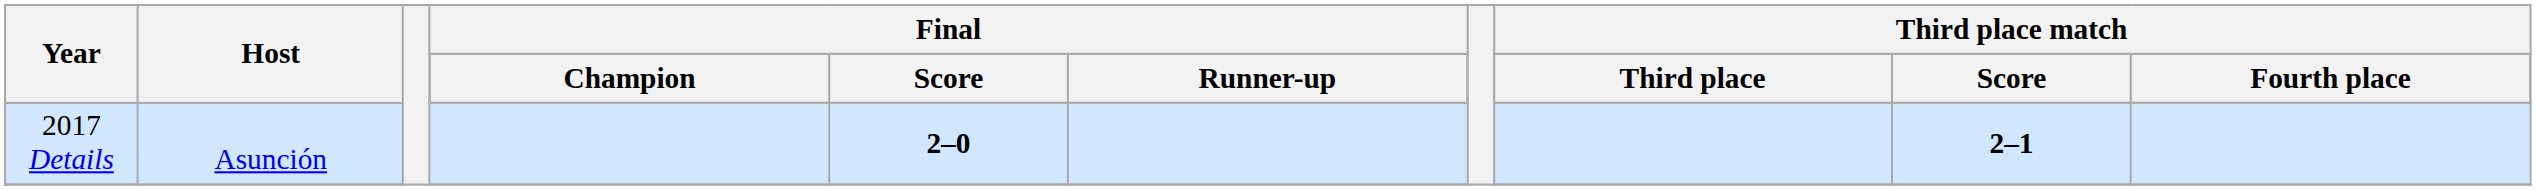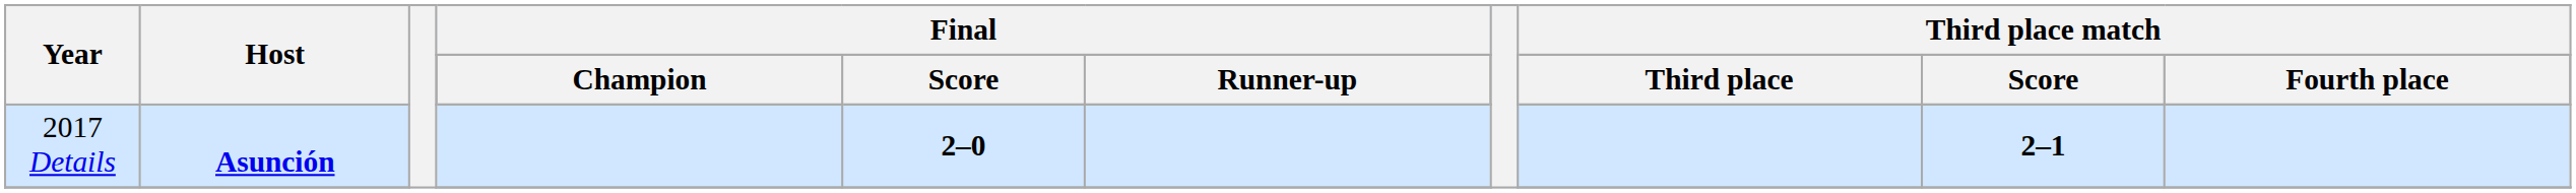 <table class="wikitable" style="font-size:90%; width: 98%; text-align: center;">
 <tr bgcolor=#C1D8FF>
 <th rowspan=2 width=5%>Year</th>
 <th rowspan=2 width=10%>Host</th>
 <th width=1% rowspan=100 bgcolor=ffffff></th>
 <th colspan=3>Final</th>
 <th width=1% rowspan=100 bgcolor=ffffff></th>
 <th colspan=3>Third place match</th>
 </tr>
 <tr bgcolor=FEF>
 <th width=15%>Champion</th>
 <th width=9%>Score</th>
 <th width=15%>Runner-up</th>
 <th width=15%>Third place</th>
 <th width=9%>Score</th>
 <th width=15%>Fourth place</th>
 </tr>
 <tr bgcolor=#D0E7FF>
 <td>2017<br><em><a href='#'>Details</a></em></td>
-<td><br><a href='#'>Asunción</a></td>
+<td><strong><br><a href='#'>Asunción</a></strong></td>
 <td><strong></strong></td>
 <td><strong> 2–0 </strong></td>
 <td><strong></strong></td>
 <td><strong></strong></td>
 <td><strong> 2–1 </strong></td>
 <td><strong></strong></td>
 </tr>
 <tr>
 </tr>
 </table>
